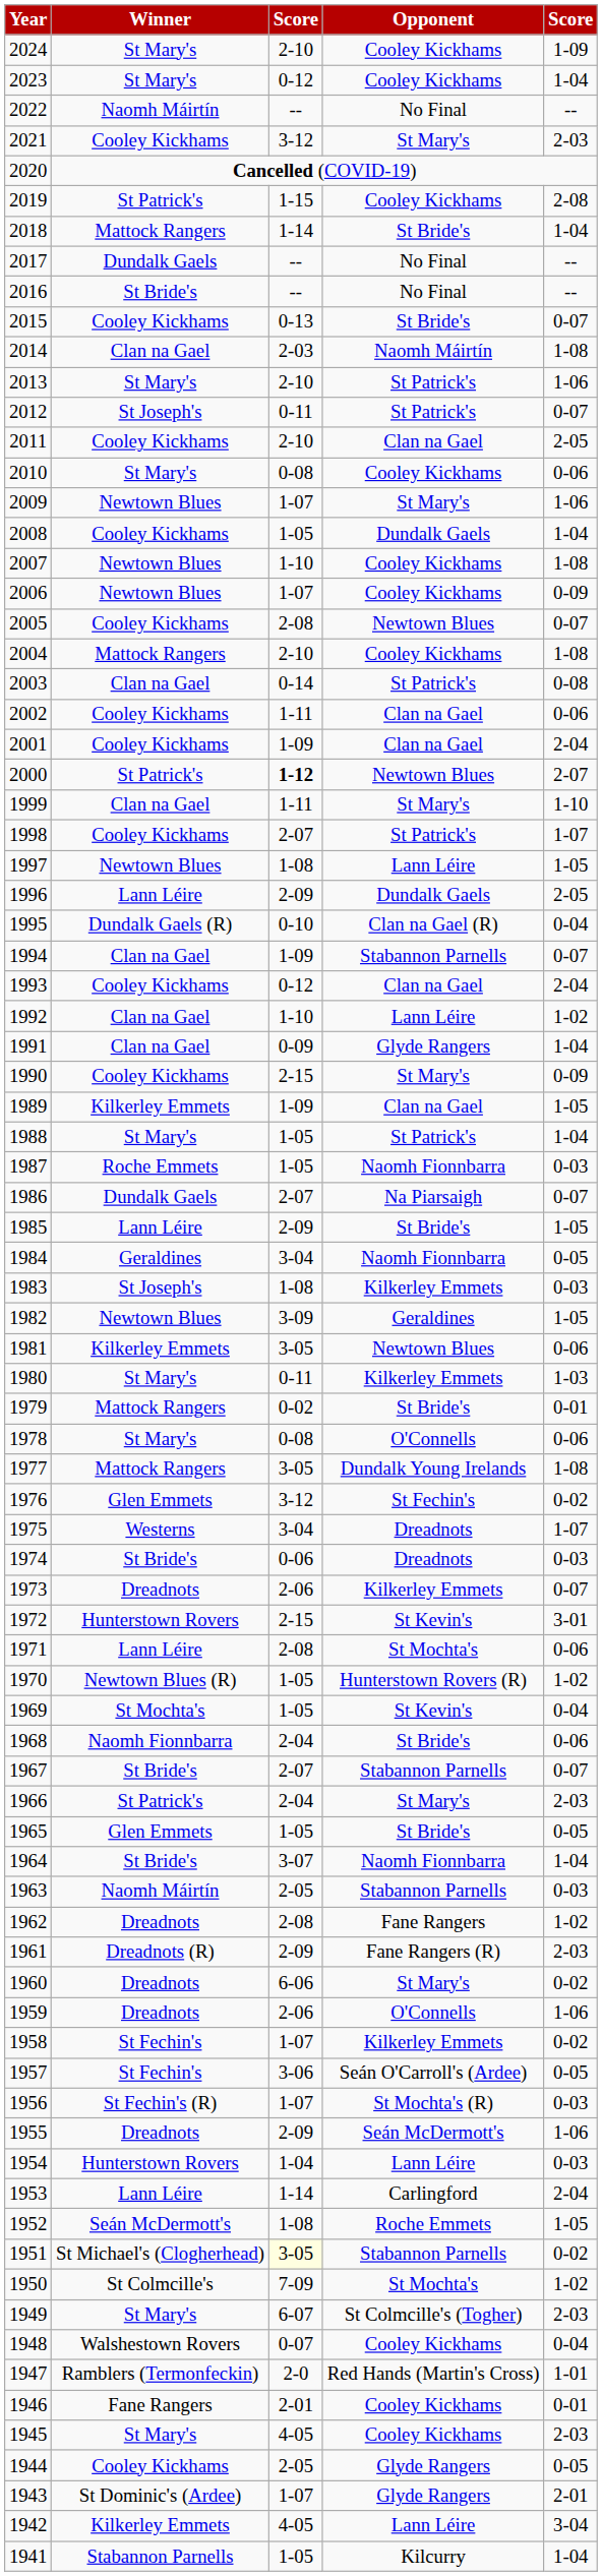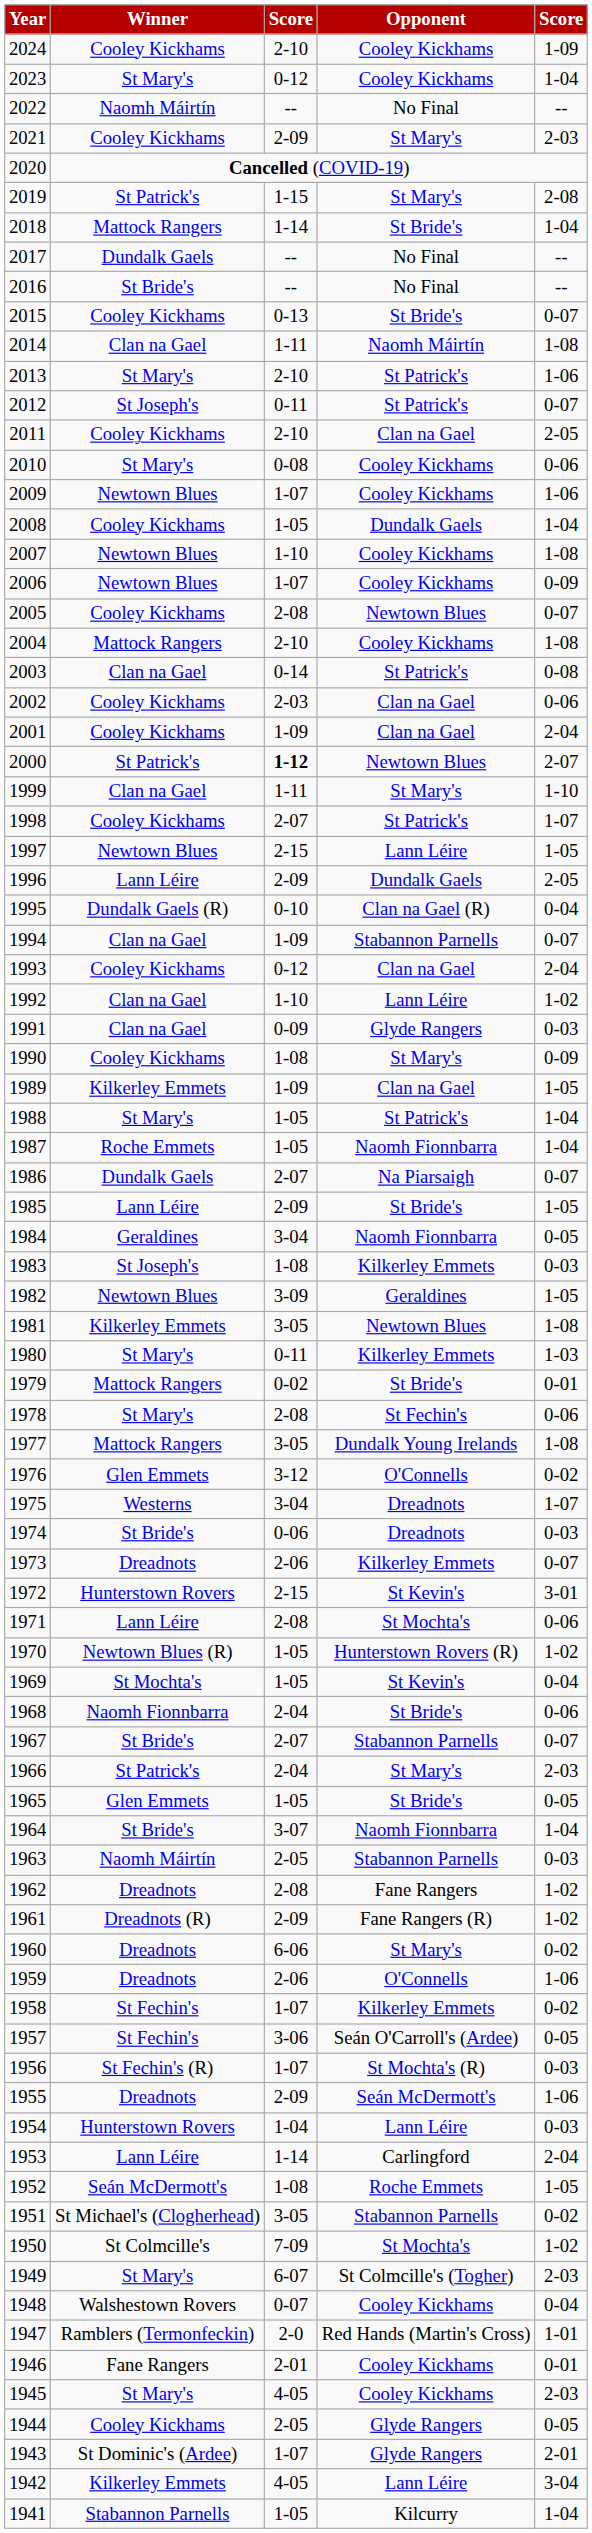 <table class="wikitable" style="text-align:center;">
 <tr>
 <th style="background:#B60000;color:white">Year</th>
 <th style="background:#B60000;color:white">Winner</th>
 <th style="background:#B60000;color:white">Score</th>
 <th style="background:#B60000;color:white">Opponent</th>
 <th style="background:#B60000;color:white">Score</th>
 </tr>
 <tr>
 <td>2024</td>
-<td><a href='#'>St Mary's</a></td>
+<td><a href='#'>Cooley Kickhams</a></td>
 <td>2-10</td>
 <td><a href='#'>Cooley Kickhams</a></td>
 <td>1-09</td>
 </tr>
 <tr>
 <td>2023</td>
 <td><a href='#'>St Mary's</a></td>
 <td>0-12</td>
 <td><a href='#'>Cooley Kickhams</a></td>
 <td>1-04</td>
 </tr>
 <tr>
 <td>2022</td>
 <td><a href='#'>Naomh Máirtín</a></td>
 <td>--</td>
 <td>No Final</td>
 <td>--</td>
 </tr>
 <tr>
 <td>2021</td>
 <td><a href='#'>Cooley Kickhams</a></td>
-<td>3-12</td>
+<td>2-09</td>
 <td><a href='#'>St Mary's</a></td>
 <td>2-03</td>
 </tr>
 <tr>
 <td>2020</td>
 <td ! colspan=5 align=center><strong>Cancelled</strong> (<a href='#'>COVID-19</a>)</td>
 </tr>
 <tr>
 <td>2019</td>
 <td><a href='#'>St Patrick's</a></td>
 <td>1-15</td>
-<td><a href='#'>Cooley Kickhams</a></td>
+<td><a href='#'>St Mary's</a></td>
 <td>2-08</td>
 </tr>
 <tr>
 <td>2018</td>
 <td><a href='#'>Mattock Rangers</a></td>
 <td>1-14</td>
 <td><a href='#'>St Bride's</a></td>
 <td>1-04</td>
 </tr>
 <tr>
 <td>2017</td>
 <td><a href='#'>Dundalk Gaels</a></td>
 <td>--</td>
 <td>No Final</td>
 <td>--</td>
 </tr>
 <tr>
 <td>2016</td>
 <td><a href='#'>St Bride's</a></td>
 <td>--</td>
 <td>No Final</td>
 <td>--</td>
 </tr>
 <tr>
 <td>2015</td>
 <td><a href='#'>Cooley Kickhams</a></td>
 <td>0-13</td>
 <td><a href='#'>St Bride's</a></td>
 <td>0-07</td>
 </tr>
 <tr>
 <td>2014</td>
 <td><a href='#'>Clan na Gael</a></td>
-<td>2-03</td>
+<td>1-11</td>
 <td><a href='#'>Naomh Máirtín</a></td>
 <td>1-08</td>
 </tr>
 <tr>
 <td>2013</td>
 <td><a href='#'>St Mary's</a></td>
 <td>2-10</td>
 <td><a href='#'>St Patrick's</a></td>
 <td>1-06</td>
 </tr>
 <tr>
 <td>2012</td>
 <td><a href='#'>St Joseph's</a></td>
 <td>0-11</td>
 <td><a href='#'>St Patrick's</a></td>
 <td>0-07</td>
 </tr>
 <tr>
 <td>2011</td>
 <td><a href='#'>Cooley Kickhams</a></td>
 <td>2-10</td>
 <td><a href='#'>Clan na Gael</a></td>
 <td>2-05</td>
 </tr>
 <tr>
 <td>2010</td>
 <td><a href='#'>St Mary's</a></td>
 <td>0-08</td>
 <td><a href='#'>Cooley Kickhams</a></td>
 <td>0-06</td>
 </tr>
 <tr>
 <td>2009</td>
 <td><a href='#'>Newtown Blues</a></td>
 <td>1-07</td>
-<td><a href='#'>St Mary's</a></td>
+<td><a href='#'>Cooley Kickhams</a></td>
 <td>1-06</td>
 </tr>
 <tr>
 <td>2008</td>
 <td><a href='#'>Cooley Kickhams</a></td>
 <td>1-05</td>
 <td><a href='#'>Dundalk Gaels</a></td>
 <td>1-04</td>
 </tr>
 <tr>
 <td>2007</td>
 <td><a href='#'>Newtown Blues</a></td>
 <td>1-10</td>
 <td><a href='#'>Cooley Kickhams</a></td>
 <td>1-08</td>
 </tr>
 <tr>
 <td>2006</td>
 <td><a href='#'>Newtown Blues</a></td>
 <td>1-07</td>
 <td><a href='#'>Cooley Kickhams</a></td>
 <td>0-09</td>
 </tr>
 <tr>
 <td>2005</td>
 <td><a href='#'>Cooley Kickhams</a></td>
 <td>2-08</td>
 <td><a href='#'>Newtown Blues</a></td>
 <td>0-07</td>
 </tr>
 <tr>
 <td>2004</td>
 <td><a href='#'>Mattock Rangers</a></td>
 <td>2-10</td>
 <td><a href='#'>Cooley Kickhams</a></td>
 <td>1-08</td>
 </tr>
 <tr>
 <td>2003</td>
 <td><a href='#'>Clan na Gael</a></td>
 <td>0-14</td>
 <td><a href='#'>St Patrick's</a></td>
 <td>0-08</td>
 </tr>
 <tr>
 <td>2002</td>
 <td><a href='#'>Cooley Kickhams</a></td>
-<td>1-11</td>
+<td>2-03</td>
 <td><a href='#'>Clan na Gael</a></td>
 <td>0-06</td>
 </tr>
 <tr>
 <td>2001</td>
 <td><a href='#'>Cooley Kickhams</a></td>
 <td>1-09</td>
 <td><a href='#'>Clan na Gael</a></td>
 <td>2-04</td>
 </tr>
 <tr>
 <td>2000</td>
 <td><a href='#'>St Patrick's</a></td>
 <td><strong>1-12</strong></td>
 <td><a href='#'>Newtown Blues</a></td>
 <td>2-07</td>
 </tr>
 <tr>
 <td>1999</td>
 <td><a href='#'>Clan na Gael</a></td>
 <td>1-11</td>
 <td><a href='#'>St Mary's</a></td>
 <td>1-10</td>
 </tr>
 <tr>
 <td>1998</td>
 <td><a href='#'>Cooley Kickhams</a></td>
 <td>2-07</td>
 <td><a href='#'>St Patrick's</a></td>
 <td>1-07</td>
 </tr>
 <tr>
 <td>1997</td>
 <td><a href='#'>Newtown Blues</a></td>
-<td>1-08</td>
+<td>2-15</td>
 <td><a href='#'>Lann Léire</a></td>
 <td>1-05</td>
 </tr>
 <tr>
 <td>1996</td>
 <td><a href='#'>Lann Léire</a></td>
 <td>2-09</td>
 <td><a href='#'>Dundalk Gaels</a></td>
 <td>2-05</td>
 </tr>
 <tr>
 <td>1995</td>
 <td><a href='#'>Dundalk Gaels</a> (R)</td>
 <td>0-10</td>
 <td><a href='#'>Clan na Gael</a> (R)</td>
 <td>0-04</td>
 </tr>
 <tr>
 <td>1994</td>
 <td><a href='#'>Clan na Gael</a></td>
 <td>1-09</td>
 <td><a href='#'>Stabannon Parnells</a></td>
 <td>0-07</td>
 </tr>
 <tr>
 <td>1993</td>
 <td><a href='#'>Cooley Kickhams</a></td>
 <td>0-12</td>
 <td><a href='#'>Clan na Gael</a></td>
 <td>2-04</td>
 </tr>
 <tr>
 <td>1992</td>
 <td><a href='#'>Clan na Gael</a></td>
 <td>1-10</td>
 <td><a href='#'>Lann Léire</a></td>
 <td>1-02</td>
 </tr>
 <tr>
 <td>1991</td>
 <td><a href='#'>Clan na Gael</a></td>
 <td>0-09</td>
 <td><a href='#'>Glyde Rangers</a></td>
-<td>1-04</td>
+<td>0-03</td>
 </tr>
 <tr>
 <td>1990</td>
 <td><a href='#'>Cooley Kickhams</a></td>
-<td>2-15</td>
+<td>1-08</td>
 <td><a href='#'>St Mary's</a></td>
 <td>0-09</td>
 </tr>
 <tr>
 <td>1989</td>
 <td><a href='#'>Kilkerley Emmets</a></td>
 <td>1-09</td>
 <td><a href='#'>Clan na Gael</a></td>
 <td>1-05</td>
 </tr>
 <tr>
 <td>1988</td>
 <td><a href='#'>St Mary's</a></td>
 <td>1-05</td>
 <td><a href='#'>St Patrick's</a></td>
 <td>1-04</td>
 </tr>
 <tr>
 <td>1987</td>
 <td><a href='#'>Roche Emmets</a></td>
 <td>1-05</td>
 <td><a href='#'>Naomh Fionnbarra</a></td>
-<td>0-03</td>
+<td>1-04</td>
 </tr>
 <tr>
 <td>1986</td>
 <td><a href='#'>Dundalk Gaels</a></td>
 <td>2-07</td>
 <td><a href='#'>Na Piarsaigh</a></td>
 <td>0-07</td>
 </tr>
 <tr>
 <td>1985</td>
 <td><a href='#'>Lann Léire</a></td>
 <td>2-09</td>
 <td><a href='#'>St Bride's</a></td>
 <td>1-05</td>
 </tr>
 <tr>
 <td>1984</td>
 <td><a href='#'>Geraldines</a></td>
 <td>3-04</td>
 <td><a href='#'>Naomh Fionnbarra</a></td>
 <td>0-05</td>
 </tr>
 <tr>
 <td>1983</td>
 <td><a href='#'>St Joseph's</a></td>
 <td>1-08</td>
 <td><a href='#'>Kilkerley Emmets</a></td>
 <td>0-03</td>
 </tr>
 <tr>
 <td>1982</td>
 <td><a href='#'>Newtown Blues</a></td>
 <td>3-09</td>
 <td><a href='#'>Geraldines</a></td>
 <td>1-05</td>
 </tr>
 <tr>
 <td>1981</td>
 <td><a href='#'>Kilkerley Emmets</a></td>
 <td>3-05</td>
 <td><a href='#'>Newtown Blues</a></td>
-<td>0-06</td>
+<td>1-08</td>
 </tr>
 <tr>
 <td>1980</td>
 <td><a href='#'>St Mary's</a></td>
 <td>0-11</td>
 <td><a href='#'>Kilkerley Emmets</a></td>
 <td>1-03</td>
 </tr>
 <tr>
 <td>1979</td>
 <td><a href='#'>Mattock Rangers</a></td>
 <td>0-02</td>
 <td><a href='#'>St Bride's</a></td>
 <td>0-01</td>
 </tr>
 <tr>
 <td>1978</td>
 <td><a href='#'>St Mary's</a></td>
-<td>0-08</td>
-<td><a href='#'>O'Connells</a></td>
+<td>2-08</td>
+<td><a href='#'>St Fechin's</a></td>
 <td>0-06</td>
 </tr>
 <tr>
 <td>1977</td>
 <td><a href='#'>Mattock Rangers</a></td>
 <td>3-05</td>
 <td><a href='#'>Dundalk Young Irelands</a></td>
 <td>1-08</td>
 </tr>
 <tr>
 <td>1976</td>
 <td><a href='#'>Glen Emmets</a></td>
 <td>3-12</td>
-<td><a href='#'>St Fechin's</a></td>
+<td><a href='#'>O'Connells</a></td>
 <td>0-02</td>
 </tr>
 <tr>
 <td>1975</td>
 <td><a href='#'>Westerns</a></td>
 <td>3-04</td>
 <td><a href='#'>Dreadnots</a></td>
 <td>1-07</td>
 </tr>
 <tr>
 <td>1974</td>
 <td><a href='#'>St Bride's</a></td>
 <td>0-06</td>
 <td><a href='#'>Dreadnots</a></td>
 <td>0-03</td>
 </tr>
 <tr>
 <td>1973</td>
 <td><a href='#'>Dreadnots</a></td>
 <td>2-06</td>
 <td><a href='#'>Kilkerley Emmets</a></td>
 <td>0-07</td>
 </tr>
 <tr>
 <td>1972</td>
 <td><a href='#'>Hunterstown Rovers</a></td>
 <td>2-15</td>
 <td><a href='#'>St Kevin's</a></td>
 <td>3-01</td>
 </tr>
 <tr>
 <td>1971</td>
 <td><a href='#'>Lann Léire</a></td>
 <td>2-08</td>
 <td><a href='#'>St Mochta's</a></td>
 <td>0-06</td>
 </tr>
 <tr>
 <td>1970</td>
 <td><a href='#'>Newtown Blues</a> (R)</td>
 <td>1-05</td>
 <td><a href='#'>Hunterstown Rovers</a> (R)</td>
 <td>1-02</td>
 </tr>
 <tr>
 <td>1969</td>
 <td><a href='#'>St Mochta's</a></td>
 <td>1-05</td>
 <td><a href='#'>St Kevin's</a></td>
 <td>0-04</td>
 </tr>
 <tr>
 <td>1968</td>
 <td><a href='#'>Naomh Fionnbarra</a></td>
 <td>2-04</td>
 <td><a href='#'>St Bride's</a></td>
 <td>0-06</td>
 </tr>
 <tr>
 <td>1967</td>
 <td><a href='#'>St Bride's</a></td>
 <td>2-07</td>
 <td><a href='#'>Stabannon Parnells</a></td>
 <td>0-07</td>
 </tr>
 <tr>
 <td>1966</td>
 <td><a href='#'>St Patrick's</a></td>
 <td>2-04</td>
 <td><a href='#'>St Mary's</a></td>
 <td>2-03</td>
 </tr>
 <tr>
 <td>1965</td>
 <td><a href='#'>Glen Emmets</a></td>
 <td>1-05</td>
 <td><a href='#'>St Bride's</a></td>
 <td>0-05</td>
 </tr>
 <tr>
 <td>1964</td>
 <td><a href='#'>St Bride's</a></td>
 <td>3-07</td>
 <td><a href='#'>Naomh Fionnbarra</a></td>
 <td>1-04</td>
 </tr>
 <tr>
 <td>1963</td>
 <td><a href='#'>Naomh Máirtín</a></td>
 <td>2-05</td>
 <td><a href='#'>Stabannon Parnells</a></td>
 <td>0-03</td>
 </tr>
 <tr>
 <td>1962</td>
 <td><a href='#'>Dreadnots</a></td>
 <td>2-08</td>
 <td>Fane Rangers</td>
 <td>1-02</td>
 </tr>
 <tr>
 <td>1961</td>
 <td><a href='#'>Dreadnots</a> (R)</td>
 <td>2-09</td>
 <td>Fane Rangers (R)</td>
-<td>2-03</td>
+<td>1-02</td>
 </tr>
 <tr>
 <td>1960</td>
 <td><a href='#'>Dreadnots</a></td>
 <td>6-06</td>
 <td><a href='#'>St Mary's</a></td>
 <td>0-02</td>
 </tr>
 <tr>
 <td>1959</td>
 <td><a href='#'>Dreadnots</a></td>
 <td>2-06</td>
 <td><a href='#'>O'Connells</a></td>
 <td>1-06</td>
 </tr>
 <tr>
 <td>1958</td>
 <td><a href='#'>St Fechin's</a></td>
 <td>1-07</td>
 <td><a href='#'>Kilkerley Emmets</a></td>
 <td>0-02</td>
 </tr>
 <tr>
 <td>1957</td>
 <td><a href='#'>St Fechin's</a></td>
 <td>3-06</td>
 <td>Seán O'Carroll's (<a href='#'>Ardee</a>)</td>
 <td>0-05</td>
 </tr>
 <tr>
 <td>1956</td>
 <td><a href='#'>St Fechin's</a> (R)</td>
 <td>1-07</td>
 <td><a href='#'>St Mochta's</a> (R)</td>
 <td>0-03</td>
 </tr>
 <tr>
 <td>1955</td>
 <td><a href='#'>Dreadnots</a></td>
 <td>2-09</td>
 <td><a href='#'>Seán McDermott's</a></td>
 <td>1-06</td>
 </tr>
 <tr>
 <td>1954</td>
 <td><a href='#'>Hunterstown Rovers</a></td>
 <td>1-04</td>
 <td><a href='#'>Lann Léire</a></td>
 <td>0-03</td>
 </tr>
 <tr>
 <td>1953</td>
 <td><a href='#'>Lann Léire</a></td>
 <td>1-14</td>
 <td>Carlingford</td>
 <td>2-04</td>
 </tr>
 <tr>
 <td>1952</td>
 <td><a href='#'>Seán McDermott's</a></td>
 <td>1-08</td>
 <td><a href='#'>Roche Emmets</a></td>
 <td>1-05</td>
 </tr>
 <tr>
 <td>1951</td>
 <td>St Michael's (<a href='#'>Clogherhead</a>)</td>
-<td style="background: lightyellow;">3-05</td>
+<td>3-05</td>
 <td><a href='#'>Stabannon Parnells</a></td>
 <td>0-02</td>
 </tr>
 <tr>
 <td>1950</td>
 <td>St Colmcille's</td>
 <td>7-09</td>
 <td><a href='#'>St Mochta's</a></td>
 <td>1-02</td>
 </tr>
 <tr>
 <td>1949</td>
 <td><a href='#'>St Mary's</a></td>
 <td>6-07</td>
 <td>St Colmcille's (<a href='#'>Togher</a>)</td>
 <td>2-03</td>
 </tr>
 <tr>
 <td>1948</td>
 <td>Walshestown Rovers</td>
 <td>0-07</td>
 <td><a href='#'>Cooley Kickhams</a></td>
 <td>0-04</td>
 </tr>
 <tr>
 <td>1947</td>
 <td>Ramblers (<a href='#'>Termonfeckin</a>)</td>
 <td>2-0</td>
 <td>Red Hands (Martin's Cross)</td>
 <td>1-01</td>
 </tr>
 <tr>
 <td>1946</td>
 <td>Fane Rangers</td>
 <td>2-01</td>
 <td><a href='#'>Cooley Kickhams</a></td>
 <td>0-01</td>
 </tr>
 <tr>
 <td>1945</td>
 <td><a href='#'>St Mary's</a></td>
 <td>4-05</td>
 <td><a href='#'>Cooley Kickhams</a></td>
 <td>2-03</td>
 </tr>
 <tr>
 <td>1944</td>
 <td><a href='#'>Cooley Kickhams</a></td>
 <td>2-05</td>
 <td><a href='#'>Glyde Rangers</a></td>
 <td>0-05</td>
 </tr>
 <tr>
 <td>1943</td>
 <td>St Dominic's (<a href='#'>Ardee</a>)</td>
 <td>1-07</td>
 <td><a href='#'>Glyde Rangers</a></td>
 <td>2-01</td>
 </tr>
 <tr>
 <td>1942</td>
 <td><a href='#'>Kilkerley Emmets</a></td>
 <td>4-05</td>
 <td><a href='#'>Lann Léire</a></td>
 <td>3-04</td>
 </tr>
 <tr>
 <td>1941</td>
 <td><a href='#'>Stabannon Parnells</a></td>
 <td>1-05</td>
 <td>Kilcurry</td>
 <td>1-04</td>
 </tr>
 </table>
